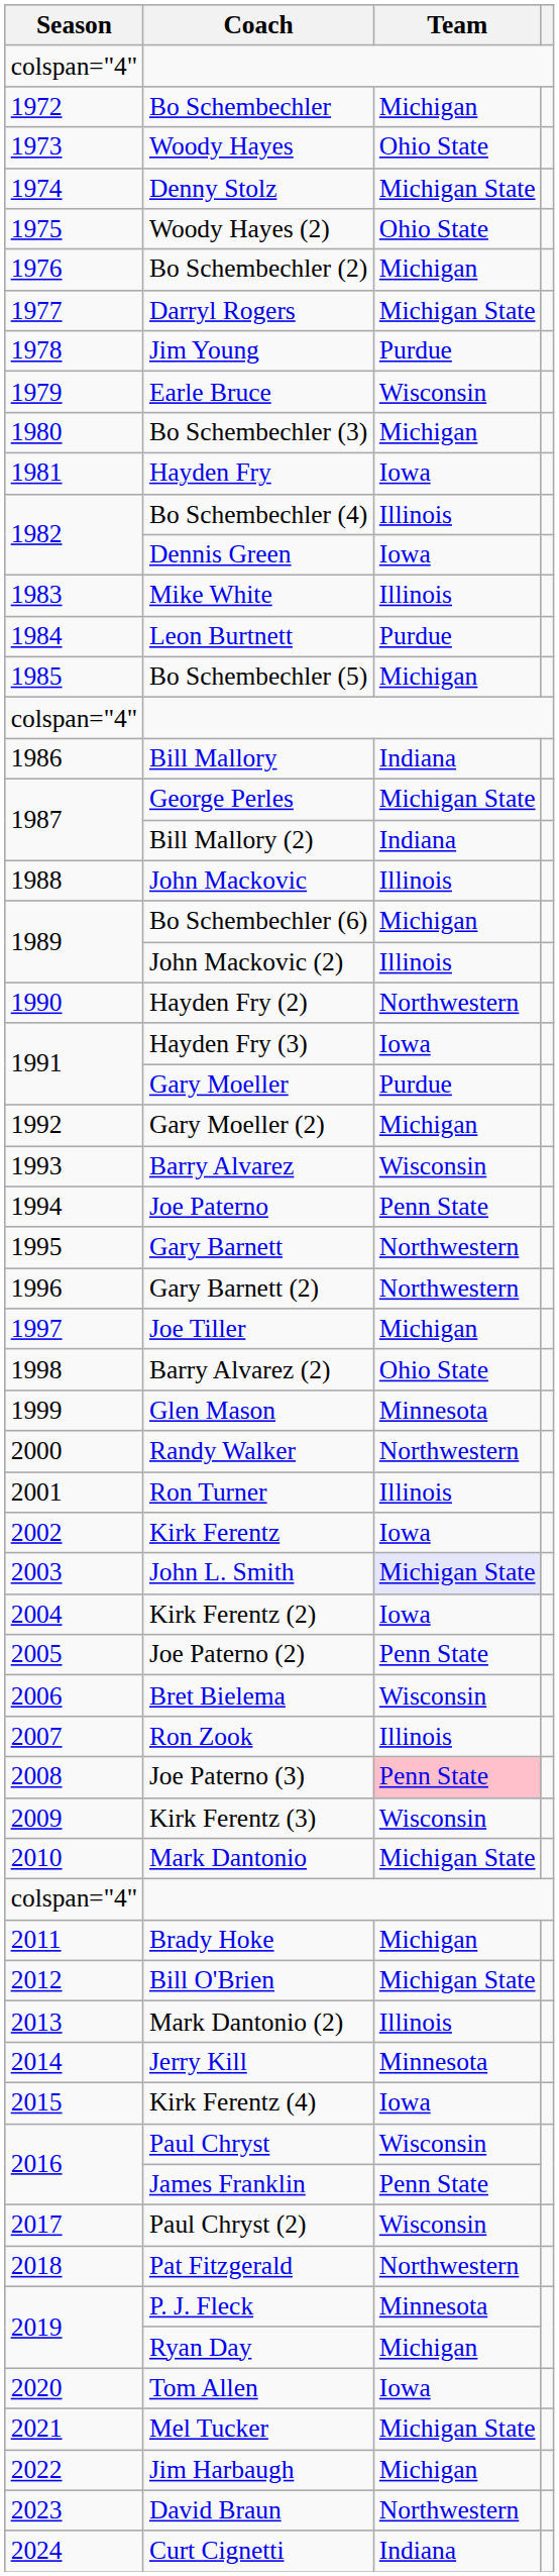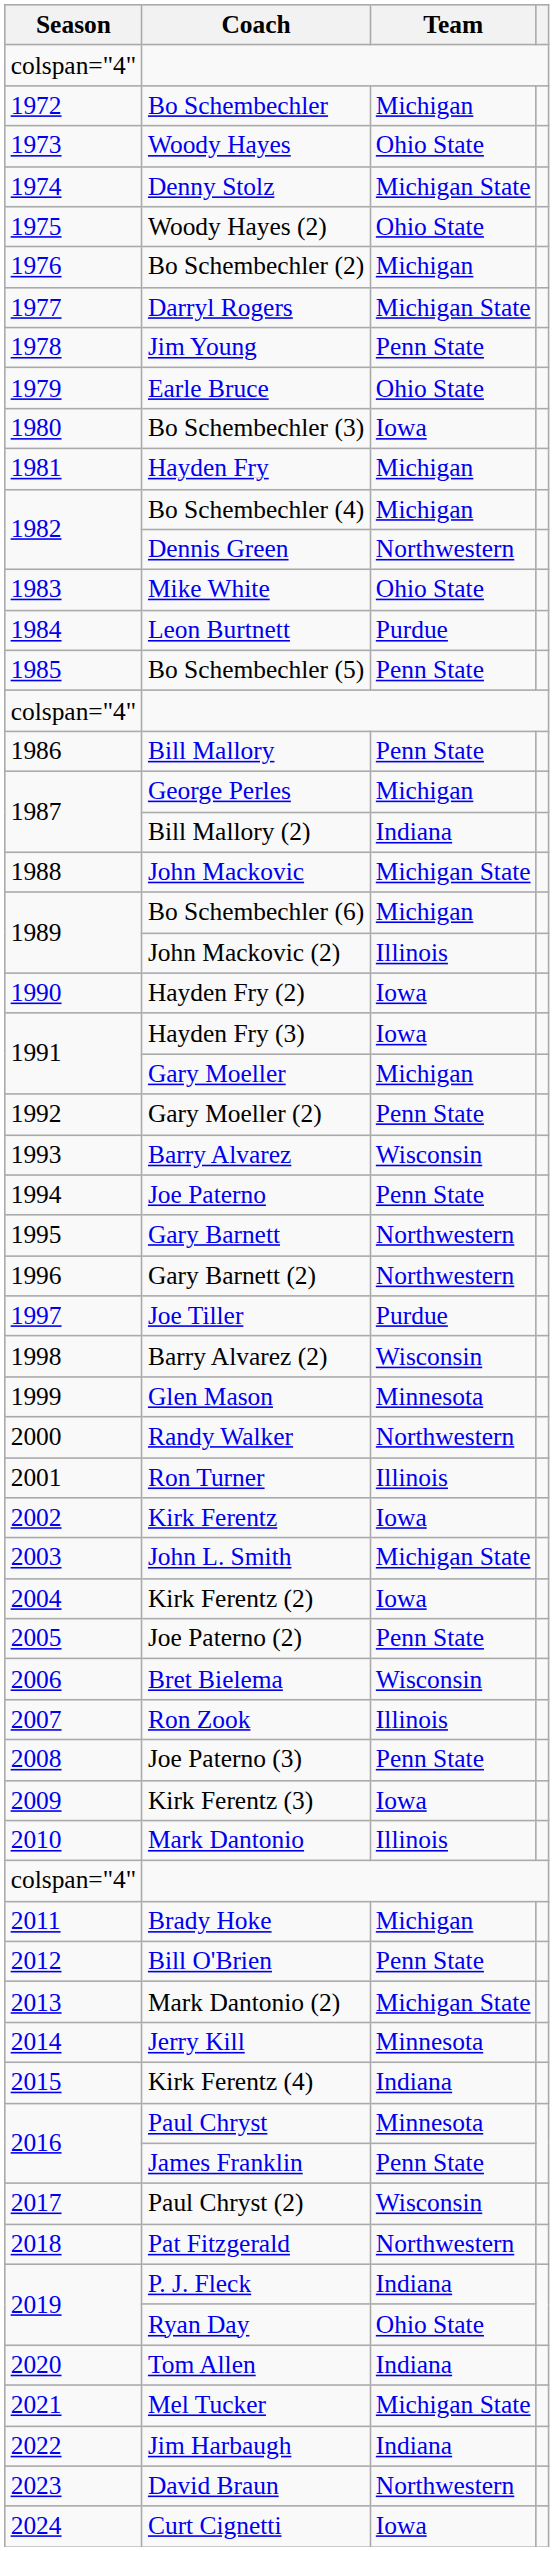 <table class="wikitable sortable">
 <tr>
 <th>Season</th>
 <th>Coach</th>
 <th>Team</th>
 <th></th>
 </tr>
 <tr>
 <td>colspan="4" </td>
 </tr>
 <tr>
 <td><a href='#'>1972</a></td>
 <td><a href='#'>Bo Schembechler</a></td>
 <td><a href='#'>Michigan</a></td>
 <td></td>
 </tr>
 <tr>
 <td><a href='#'>1973</a></td>
 <td><a href='#'>Woody Hayes</a></td>
 <td><a href='#'>Ohio State</a></td>
 <td></td>
 </tr>
 <tr>
 <td><a href='#'>1974</a></td>
 <td><a href='#'>Denny Stolz</a></td>
 <td><a href='#'>Michigan State</a></td>
 <td></td>
 </tr>
 <tr>
 <td><a href='#'>1975</a></td>
 <td>Woody Hayes (2)</td>
 <td><a href='#'>Ohio State</a></td>
 <td></td>
 </tr>
 <tr>
 <td><a href='#'>1976</a></td>
 <td>Bo Schembechler (2)</td>
 <td><a href='#'>Michigan</a></td>
 <td></td>
 </tr>
 <tr>
 <td><a href='#'>1977</a></td>
 <td><a href='#'>Darryl Rogers</a></td>
 <td><a href='#'>Michigan State</a></td>
 <td></td>
 </tr>
 <tr>
 <td><a href='#'>1978</a></td>
 <td><a href='#'>Jim Young</a></td>
-<td><a href='#'>Purdue</a></td>
+<td><a href='#'>Penn State</a></td>
 <td></td>
 </tr>
 <tr>
 <td><a href='#'>1979</a></td>
 <td><a href='#'>Earle Bruce</a></td>
-<td><a href='#'>Wisconsin</a></td>
+<td><a href='#'>Ohio State</a></td>
 <td></td>
 </tr>
 <tr>
 <td><a href='#'>1980</a></td>
 <td>Bo Schembechler (3)</td>
-<td><a href='#'>Michigan</a></td>
+<td><a href='#'>Iowa</a></td>
 <td></td>
 </tr>
 <tr>
 <td><a href='#'>1981</a></td>
 <td><a href='#'>Hayden Fry</a></td>
-<td><a href='#'>Iowa</a></td>
+<td><a href='#'>Michigan</a></td>
 <td></td>
 </tr>
 <tr>
 <td rowspan="2"><a href='#'>1982</a></td>
 <td>Bo Schembechler (4)</td>
-<td><a href='#'>Illinois</a></td>
+<td><a href='#'>Michigan</a></td>
 <td></td>
 </tr>
 <tr>
 <td><a href='#'>Dennis Green</a></td>
-<td><a href='#'>Iowa</a></td>
+<td><a href='#'>Northwestern</a></td>
 <td></td>
 </tr>
 <tr>
 <td><a href='#'>1983</a></td>
 <td><a href='#'>Mike White</a></td>
-<td><a href='#'>Illinois</a></td>
+<td><a href='#'>Ohio State</a></td>
 <td></td>
 </tr>
 <tr>
 <td><a href='#'>1984</a></td>
 <td><a href='#'>Leon Burtnett</a></td>
 <td><a href='#'>Purdue</a></td>
 <td></td>
 </tr>
 <tr>
 <td><a href='#'>1985</a></td>
 <td>Bo Schembechler (5)</td>
-<td><a href='#'>Michigan</a></td>
+<td><a href='#'>Penn State</a></td>
 <td></td>
 </tr>
 <tr>
 <td>colspan="4" </td>
 </tr>
 <tr>
 <td>1986</td>
 <td><a href='#'>Bill Mallory</a></td>
-<td><a href='#'>Indiana</a></td>
+<td><a href='#'>Penn State</a></td>
 <td></td>
 </tr>
 <tr>
 <td rowspan="2">1987</td>
 <td><a href='#'>George Perles</a></td>
-<td><a href='#'>Michigan State</a></td>
+<td><a href='#'>Michigan</a></td>
 <td></td>
 </tr>
 <tr>
 <td>Bill Mallory (2)</td>
 <td><a href='#'>Indiana</a></td>
 <td></td>
 </tr>
 <tr>
 <td>1988</td>
 <td><a href='#'>John Mackovic</a></td>
-<td><a href='#'>Illinois</a></td>
+<td><a href='#'>Michigan State</a></td>
 <td></td>
 </tr>
 <tr>
 <td rowspan="2">1989</td>
 <td>Bo Schembechler (6)</td>
 <td><a href='#'>Michigan</a></td>
 <td></td>
 </tr>
 <tr>
 <td>John Mackovic (2)</td>
 <td><a href='#'>Illinois</a></td>
 <td></td>
 </tr>
 <tr>
 <td><a href='#'>1990</a></td>
 <td>Hayden Fry (2)</td>
-<td><a href='#'>Northwestern</a></td>
+<td><a href='#'>Iowa</a></td>
 <td></td>
 </tr>
 <tr>
 <td rowspan="2">1991</td>
 <td>Hayden Fry (3)</td>
 <td><a href='#'>Iowa</a></td>
 <td></td>
 </tr>
 <tr>
 <td><a href='#'>Gary Moeller</a></td>
-<td><a href='#'>Purdue</a></td>
+<td><a href='#'>Michigan</a></td>
 <td></td>
 </tr>
 <tr>
 <td>1992</td>
 <td>Gary Moeller (2)</td>
-<td><a href='#'>Michigan</a></td>
+<td><a href='#'>Penn State</a></td>
 <td></td>
 </tr>
 <tr>
 <td>1993</td>
 <td><a href='#'>Barry Alvarez</a></td>
 <td><a href='#'>Wisconsin</a></td>
 <td></td>
 </tr>
 <tr>
 <td>1994</td>
 <td><a href='#'>Joe Paterno</a></td>
 <td><a href='#'>Penn State</a></td>
 <td></td>
 </tr>
 <tr>
 <td>1995</td>
 <td><a href='#'>Gary Barnett</a></td>
 <td><a href='#'>Northwestern</a></td>
 <td></td>
 </tr>
 <tr>
 <td>1996</td>
 <td>Gary Barnett (2)</td>
 <td><a href='#'>Northwestern</a></td>
 <td></td>
 </tr>
 <tr>
 <td><a href='#'>1997</a></td>
 <td><a href='#'>Joe Tiller</a></td>
-<td><a href='#'>Michigan</a></td>
+<td><a href='#'>Purdue</a></td>
 <td></td>
 </tr>
 <tr>
 <td>1998</td>
 <td>Barry Alvarez (2)</td>
-<td><a href='#'>Ohio State</a></td>
+<td><a href='#'>Wisconsin</a></td>
 <td></td>
 </tr>
 <tr>
 <td>1999</td>
 <td><a href='#'>Glen Mason</a></td>
 <td><a href='#'>Minnesota</a></td>
 <td></td>
 </tr>
 <tr>
 <td>2000</td>
 <td><a href='#'>Randy Walker</a></td>
 <td><a href='#'>Northwestern</a></td>
 <td></td>
 </tr>
 <tr>
 <td>2001</td>
 <td><a href='#'>Ron Turner</a></td>
 <td><a href='#'>Illinois</a></td>
 <td></td>
 </tr>
 <tr>
 <td><a href='#'>2002</a></td>
 <td><a href='#'>Kirk Ferentz</a></td>
 <td><a href='#'>Iowa</a></td>
 <td></td>
 </tr>
 <tr>
 <td><a href='#'>2003</a></td>
 <td><a href='#'>John L. Smith</a></td>
-<td style="background: lavender;"><a href='#'>Michigan State</a></td>
+<td><a href='#'>Michigan State</a></td>
 <td></td>
 </tr>
 <tr>
 <td><a href='#'>2004</a></td>
 <td>Kirk Ferentz (2)</td>
 <td><a href='#'>Iowa</a></td>
 <td></td>
 </tr>
 <tr>
 <td><a href='#'>2005</a></td>
 <td>Joe Paterno (2)</td>
 <td><a href='#'>Penn State</a></td>
 <td></td>
 </tr>
 <tr>
 <td><a href='#'>2006</a></td>
 <td><a href='#'>Bret Bielema</a></td>
 <td><a href='#'>Wisconsin</a></td>
 <td></td>
 </tr>
 <tr>
 <td><a href='#'>2007</a></td>
 <td><a href='#'>Ron Zook</a></td>
 <td><a href='#'>Illinois</a></td>
 <td></td>
 </tr>
 <tr>
 <td><a href='#'>2008</a></td>
 <td>Joe Paterno (3)</td>
-<td style="background: pink;"><a href='#'>Penn State</a></td>
+<td><a href='#'>Penn State</a></td>
 <td></td>
 </tr>
 <tr>
 <td><a href='#'>2009</a></td>
 <td>Kirk Ferentz (3)</td>
-<td><a href='#'>Wisconsin</a></td>
+<td><a href='#'>Iowa</a></td>
 <td></td>
 </tr>
 <tr>
 <td><a href='#'>2010</a></td>
 <td><a href='#'>Mark Dantonio</a></td>
-<td><a href='#'>Michigan State</a></td>
+<td><a href='#'>Illinois</a></td>
 <td></td>
 </tr>
 <tr>
 <td>colspan="4" </td>
 </tr>
 <tr>
 <td><a href='#'>2011</a></td>
 <td><a href='#'>Brady Hoke</a></td>
 <td><a href='#'>Michigan</a></td>
 <td></td>
 </tr>
 <tr>
 <td><a href='#'>2012</a></td>
 <td><a href='#'>Bill O'Brien</a></td>
-<td><a href='#'>Michigan State</a></td>
+<td><a href='#'>Penn State</a></td>
 <td></td>
 </tr>
 <tr>
 <td><a href='#'>2013</a></td>
 <td>Mark Dantonio (2)</td>
-<td><a href='#'>Illinois</a></td>
+<td><a href='#'>Michigan State</a></td>
 <td></td>
 </tr>
 <tr>
 <td><a href='#'>2014</a></td>
 <td><a href='#'>Jerry Kill</a></td>
 <td><a href='#'>Minnesota</a></td>
 <td></td>
 </tr>
 <tr>
 <td><a href='#'>2015</a></td>
 <td>Kirk Ferentz (4)</td>
-<td><a href='#'>Iowa</a></td>
+<td><a href='#'>Indiana</a></td>
 <td></td>
 </tr>
 <tr>
 <td rowspan="2"><a href='#'>2016</a></td>
 <td><a href='#'>Paul Chryst</a></td>
-<td><a href='#'>Wisconsin</a></td>
+<td><a href='#'>Minnesota</a></td>
 <td rowspan="2"></td>
 </tr>
 <tr>
 <td><a href='#'>James Franklin</a></td>
 <td><a href='#'>Penn State</a></td>
 </tr>
 <tr>
 <td><a href='#'>2017</a></td>
 <td>Paul Chryst (2)</td>
 <td><a href='#'>Wisconsin</a></td>
 <td></td>
 </tr>
 <tr>
 <td><a href='#'>2018</a></td>
 <td><a href='#'>Pat Fitzgerald</a></td>
 <td><a href='#'>Northwestern</a></td>
 <td></td>
 </tr>
 <tr>
 <td rowspan="2"><a href='#'>2019</a></td>
 <td><a href='#'>P. J. Fleck</a></td>
-<td><a href='#'>Minnesota</a></td>
+<td><a href='#'>Indiana</a></td>
 <td rowspan="2"></td>
 </tr>
 <tr>
 <td><a href='#'>Ryan Day</a></td>
-<td><a href='#'>Michigan</a></td>
+<td><a href='#'>Ohio State</a></td>
 </tr>
 <tr>
 <td><a href='#'>2020</a></td>
 <td><a href='#'>Tom Allen</a></td>
-<td><a href='#'>Iowa</a></td>
+<td><a href='#'>Indiana</a></td>
 <td></td>
 </tr>
 <tr>
 <td><a href='#'>2021</a></td>
 <td><a href='#'>Mel Tucker</a></td>
 <td><a href='#'>Michigan State</a></td>
 <td></td>
 </tr>
 <tr>
 <td><a href='#'>2022</a></td>
 <td><a href='#'>Jim Harbaugh</a></td>
-<td><a href='#'>Michigan</a></td>
+<td><a href='#'>Indiana</a></td>
 <td></td>
 </tr>
 <tr>
 <td><a href='#'>2023</a></td>
 <td><a href='#'>David Braun</a></td>
 <td><a href='#'>Northwestern</a></td>
 <td></td>
 </tr>
 <tr>
 <td><a href='#'>2024</a></td>
 <td><a href='#'>Curt Cignetti</a></td>
-<td><a href='#'>Indiana</a></td>
+<td><a href='#'>Iowa</a></td>
 <td></td>
 </tr>
 </table>
